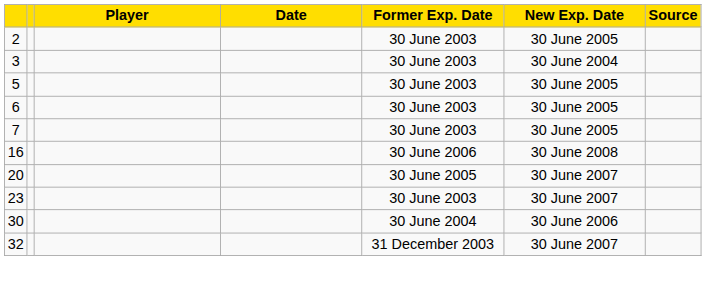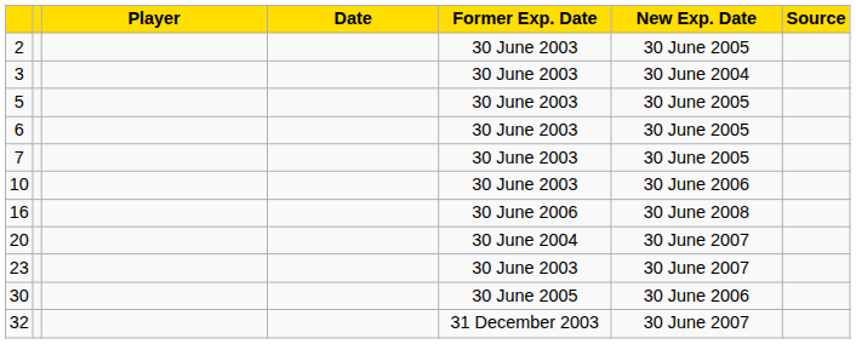 <table class="wikitable sortable">
 <tr>
 <th style="background:#FFDE00"></th>
 <th style="background:#FFDE00"></th>
 <th width=200 style="background:#FFDE00">Player</th>
 <th width=150 style="background:#FFDE00">Date</th>
 <th width=150 style="background:#FFDE00">Former Exp. Date</th>
 <th width=150 style="background:#FFDE00">New Exp. Date</th>
 <th style="background:#FFDE00">Source</th>
 </tr>
 <tr>
 <td align=center>2</td>
 <td align=center></td>
 <td></td>
 <td align=center></td>
 <td align=center>30 June 2003</td>
 <td align=center>30 June 2005</td>
 <td align=center></td>
 </tr>
 <tr>
 <td align=center>3</td>
 <td align=center></td>
 <td></td>
 <td align=center></td>
 <td align=center>30 June 2003</td>
 <td align=center>30 June 2004</td>
 <td align=center></td>
 </tr>
 <tr>
 <td align=center>5</td>
 <td align=center></td>
 <td></td>
 <td align=center></td>
 <td align=center>30 June 2003</td>
 <td align=center>30 June 2005</td>
 <td align=center></td>
 </tr>
 <tr>
 <td align=center>6</td>
 <td align=center></td>
 <td></td>
 <td align=center></td>
 <td align=center>30 June 2003</td>
 <td align=center>30 June 2005</td>
 <td align=center></td>
 </tr>
 <tr>
 <td align=center>7</td>
 <td align=center></td>
 <td></td>
 <td align=center></td>
 <td align=center>30 June 2003</td>
 <td align=center>30 June 2005</td>
 <td align=center></td>
 </tr>
 <tr>
+<td align=center>10</td>
+<td align=center></td>
+<td></td>
+<td align=center></td>
+<td align=center>30 June 2003</td>
+<td align=center>30 June 2006</td>
+<td align=center></td>
+</tr>
+<tr>
 <td align=center>16</td>
 <td align=center></td>
 <td></td>
 <td align=center></td>
 <td align=center>30 June 2006</td>
 <td align=center>30 June 2008</td>
 <td align=center></td>
 </tr>
 <tr>
 <td align=center>20</td>
 <td align=center></td>
 <td></td>
 <td align=center></td>
-<td align=center>30 June 2005</td>
+<td align=center>30 June 2004</td>
 <td align=center>30 June 2007</td>
 <td align=center></td>
 </tr>
 <tr>
 <td align=center>23</td>
 <td align=center></td>
 <td></td>
 <td align=center></td>
 <td align=center>30 June 2003</td>
 <td align=center>30 June 2007</td>
 <td align=center></td>
 </tr>
 <tr>
 <td align=center>30</td>
 <td align=center></td>
 <td></td>
 <td align=center></td>
-<td align=center>30 June 2004</td>
+<td align=center>30 June 2005</td>
 <td align=center>30 June 2006</td>
 <td align=center></td>
 </tr>
 <tr>
 <td align=center>32</td>
 <td align=center></td>
 <td></td>
 <td align=center></td>
 <td align=center>31 December 2003</td>
 <td align=center>30 June 2007</td>
 <td align=center></td>
 </tr>
 </table>
